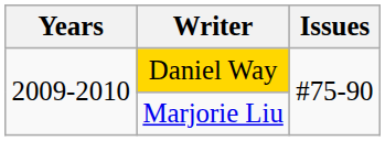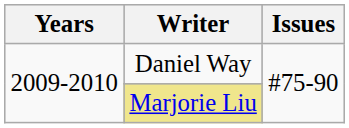 <table class="wikitable">
 <tr>
 <th>Years</th>
 <th>Writer</th>
 <th>Issues</th>
 </tr>
 <tr>
 <td align="center" rowspan="2">2009-2010</td>
-<td align="center" style="background: gold;">Daniel Way</td>
+<td align="center">Daniel Way</td>
 <td align="center" rowspan="2">#75-90</td>
 </tr>
 <tr>
-<td align="center"><a href='#'>Marjorie Liu</a></td>
+<td align="center" style="background: khaki;"><a href='#'>Marjorie Liu</a></td>
 </tr>
 </table>
